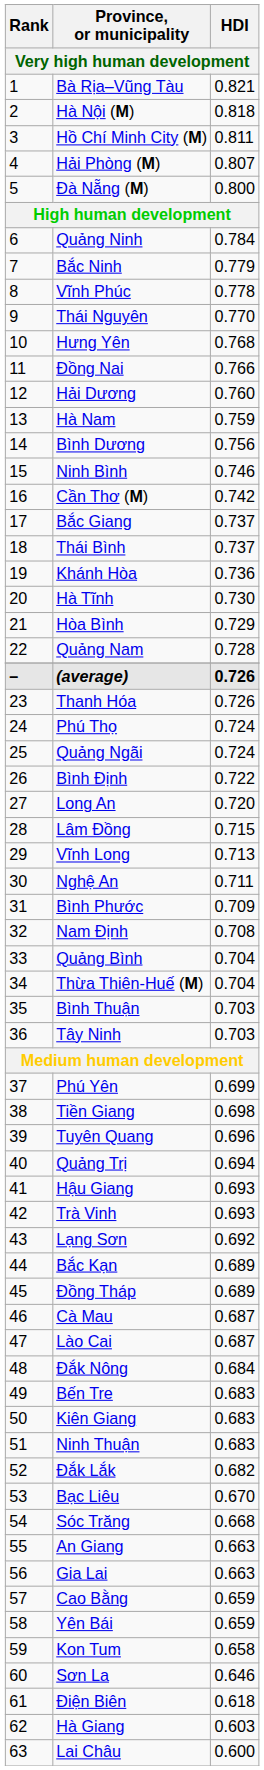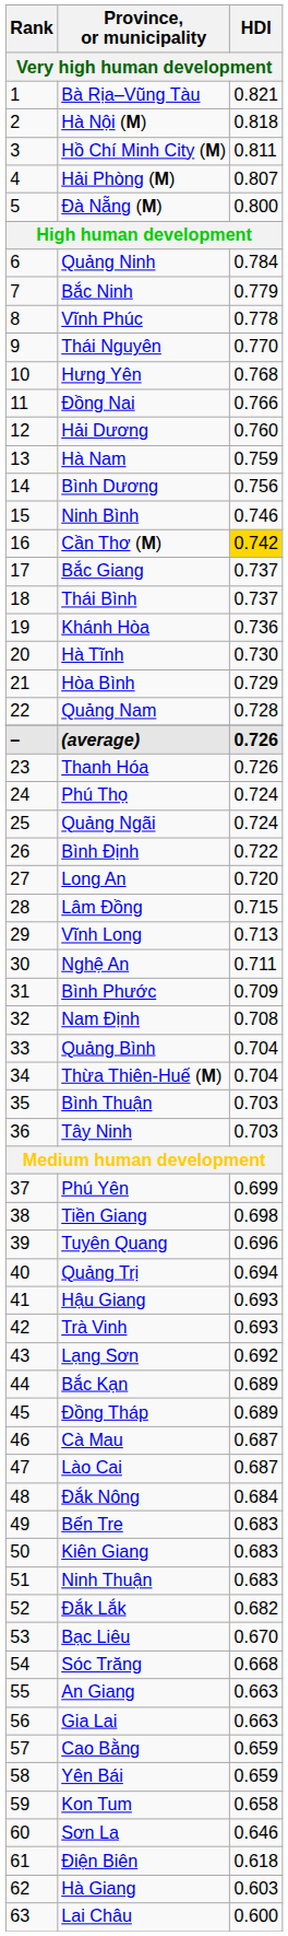 <table class="wikitable sortable" style="margin: 1ex auto 1ex auto">
 <tr>
 <th class="sort">Rank</th>
 <th class="sort">Province,<br> or municipality</th>
 <th class="sort">HDI</th>
 </tr>
 <tr>
 <th colspan="3" style="color:#006400;">Very high human development</th>
 </tr>
 <tr>
 <td>1</td>
 <td><a href='#'>Bà Rịa–Vũng Tàu</a></td>
 <td>0.821</td>
 </tr>
 <tr>
 <td>2</td>
 <td><a href='#'>Hà Nội</a> (<strong>M</strong>)</td>
 <td>0.818</td>
 </tr>
 <tr>
 <td>3</td>
 <td><a href='#'>Hồ Chí Minh City</a> (<strong>M</strong>)</td>
 <td>0.811</td>
 </tr>
 <tr>
 <td>4</td>
 <td><a href='#'>Hải Phòng</a> (<strong>M</strong>)</td>
 <td>0.807</td>
 </tr>
 <tr>
 <td>5</td>
 <td><a href='#'>Đà Nẵng</a> (<strong>M</strong>)</td>
 <td>0.800</td>
 </tr>
 <tr>
 <th colspan="3" style="color:#0c0;">High human development</th>
 </tr>
 <tr>
 <td>6</td>
 <td><a href='#'>Quảng Ninh</a></td>
 <td>0.784</td>
 </tr>
 <tr>
 <td>7</td>
 <td><a href='#'>Bắc Ninh</a></td>
 <td>0.779</td>
 </tr>
 <tr>
 <td>8</td>
 <td><a href='#'>Vĩnh Phúc</a></td>
 <td>0.778</td>
 </tr>
 <tr>
 <td>9</td>
 <td><a href='#'>Thái Nguyên</a></td>
 <td>0.770</td>
 </tr>
 <tr>
 <td>10</td>
 <td><a href='#'>Hưng Yên</a></td>
 <td>0.768</td>
 </tr>
 <tr>
 <td>11</td>
 <td><a href='#'>Đồng Nai</a></td>
 <td>0.766</td>
 </tr>
 <tr>
 <td>12</td>
 <td><a href='#'>Hải Dương</a></td>
 <td>0.760</td>
 </tr>
 <tr>
 <td>13</td>
 <td><a href='#'>Hà Nam</a></td>
 <td>0.759</td>
 </tr>
 <tr>
 <td>14</td>
 <td><a href='#'>Bình Dương</a></td>
 <td>0.756</td>
 </tr>
 <tr>
 <td>15</td>
 <td><a href='#'>Ninh Bình</a></td>
 <td>0.746</td>
 </tr>
 <tr>
 <td>16</td>
 <td><a href='#'>Cần Thơ</a> (<strong>M</strong>)</td>
-<td>0.742</td>
+<td style="background: gold;">0.742</td>
 </tr>
 <tr>
 <td>17</td>
 <td><a href='#'>Bắc Giang</a></td>
 <td>0.737</td>
 </tr>
 <tr>
 <td>18</td>
 <td><a href='#'>Thái Bình</a></td>
 <td>0.737</td>
 </tr>
 <tr>
 <td>19</td>
 <td><a href='#'>Khánh Hòa</a></td>
 <td>0.736</td>
 </tr>
 <tr>
 <td>20</td>
 <td><a href='#'>Hà Tĩnh</a></td>
 <td>0.730</td>
 </tr>
 <tr>
 <td>21</td>
 <td><a href='#'>Hòa Bình</a></td>
 <td>0.729</td>
 </tr>
 <tr>
 <td>22</td>
 <td><a href='#'>Quảng Nam</a></td>
 <td>0.728</td>
 </tr>
 <tr>
 </tr>
 <tr style="background:#e6e6e6">
 <td><strong>–</strong></td>
 <td><strong><em> (average)</em></strong></td>
 <td><strong>0.726</strong></td>
 </tr>
 <tr>
 <td>23</td>
 <td><a href='#'>Thanh Hóa</a></td>
 <td>0.726</td>
 </tr>
 <tr>
 <td>24</td>
 <td><a href='#'>Phú Thọ</a></td>
 <td>0.724</td>
 </tr>
 <tr>
 <td>25</td>
 <td><a href='#'>Quảng Ngãi</a></td>
 <td>0.724</td>
 </tr>
 <tr>
 <td>26</td>
 <td><a href='#'>Bình Định</a></td>
 <td>0.722</td>
 </tr>
 <tr>
 <td>27</td>
 <td><a href='#'>Long An</a></td>
 <td>0.720</td>
 </tr>
 <tr>
 <td>28</td>
 <td><a href='#'>Lâm Đồng</a></td>
 <td>0.715</td>
 </tr>
 <tr>
 <td>29</td>
 <td><a href='#'>Vĩnh Long</a></td>
 <td>0.713</td>
 </tr>
 <tr>
 <td>30</td>
 <td><a href='#'>Nghệ An</a></td>
 <td>0.711</td>
 </tr>
 <tr>
 <td>31</td>
 <td><a href='#'>Bình Phước</a></td>
 <td>0.709</td>
 </tr>
 <tr>
 <td>32</td>
 <td><a href='#'>Nam Định</a></td>
 <td>0.708</td>
 </tr>
 <tr>
 <td>33</td>
 <td><a href='#'>Quảng Bình</a></td>
 <td>0.704</td>
 </tr>
 <tr>
 <td>34</td>
 <td><a href='#'>Thừa Thiên-Huế</a> (<strong>M</strong>)</td>
 <td>0.704</td>
 </tr>
 <tr>
 <td>35</td>
 <td><a href='#'>Bình Thuận</a></td>
 <td>0.703</td>
 </tr>
 <tr>
 <td>36</td>
 <td><a href='#'>Tây Ninh</a></td>
 <td>0.703</td>
 </tr>
 <tr>
 <th colspan="3" style="color:#fc0;">Medium human development</th>
 </tr>
 <tr>
 <td>37</td>
 <td><a href='#'>Phú Yên</a></td>
 <td>0.699</td>
 </tr>
 <tr>
 <td>38</td>
 <td><a href='#'>Tiền Giang</a></td>
 <td>0.698</td>
 </tr>
 <tr>
 <td>39</td>
 <td><a href='#'>Tuyên Quang</a></td>
 <td>0.696</td>
 </tr>
 <tr>
 <td>40</td>
 <td><a href='#'>Quảng Trị</a></td>
 <td>0.694</td>
 </tr>
 <tr>
 <td>41</td>
 <td><a href='#'>Hậu Giang</a></td>
 <td>0.693</td>
 </tr>
 <tr>
 <td>42</td>
 <td><a href='#'>Trà Vinh</a></td>
 <td>0.693</td>
 </tr>
 <tr>
 <td>43</td>
 <td><a href='#'>Lạng Sơn</a></td>
 <td>0.692</td>
 </tr>
 <tr>
 <td>44</td>
 <td><a href='#'>Bắc Kạn</a></td>
 <td>0.689</td>
 </tr>
 <tr>
 <td>45</td>
 <td><a href='#'>Đồng Tháp</a></td>
 <td>0.689</td>
 </tr>
 <tr>
 <td>46</td>
 <td><a href='#'>Cà Mau</a></td>
 <td>0.687</td>
 </tr>
 <tr>
 <td>47</td>
 <td><a href='#'>Lào Cai</a></td>
 <td>0.687</td>
 </tr>
 <tr>
 <td>48</td>
 <td><a href='#'>Đắk Nông</a></td>
 <td>0.684</td>
 </tr>
 <tr>
 <td>49</td>
 <td><a href='#'>Bến Tre</a></td>
 <td>0.683</td>
 </tr>
 <tr>
 <td>50</td>
 <td><a href='#'>Kiên Giang</a></td>
 <td>0.683</td>
 </tr>
 <tr>
 <td>51</td>
 <td><a href='#'>Ninh Thuận</a></td>
 <td>0.683</td>
 </tr>
 <tr>
 <td>52</td>
 <td><a href='#'>Đắk Lắk</a></td>
 <td>0.682</td>
 </tr>
 <tr>
 <td>53</td>
 <td><a href='#'>Bạc Liêu</a></td>
 <td>0.670</td>
 </tr>
 <tr>
 <td>54</td>
 <td><a href='#'>Sóc Trăng</a></td>
 <td>0.668</td>
 </tr>
 <tr>
 <td>55</td>
 <td><a href='#'>An Giang</a></td>
 <td>0.663</td>
 </tr>
 <tr>
 <td>56</td>
 <td><a href='#'>Gia Lai</a></td>
 <td>0.663</td>
 </tr>
 <tr>
 <td>57</td>
 <td><a href='#'>Cao Bằng</a></td>
 <td>0.659</td>
 </tr>
 <tr>
 <td>58</td>
 <td><a href='#'>Yên Bái</a></td>
 <td>0.659</td>
 </tr>
 <tr>
 <td>59</td>
 <td><a href='#'>Kon Tum</a></td>
 <td>0.658</td>
 </tr>
 <tr>
 <td>60</td>
 <td><a href='#'>Sơn La</a></td>
 <td>0.646</td>
 </tr>
 <tr>
 <td>61</td>
 <td><a href='#'>Điện Biên</a></td>
 <td>0.618</td>
 </tr>
 <tr>
 <td>62</td>
 <td><a href='#'>Hà Giang</a></td>
 <td>0.603</td>
 </tr>
 <tr>
 <td>63</td>
 <td><a href='#'>Lai Châu</a></td>
 <td>0.600</td>
 </tr>
 </table>
